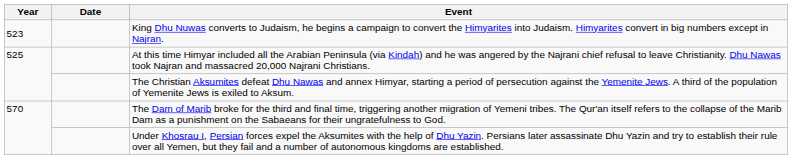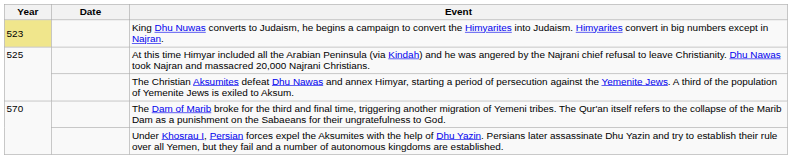 <table class="wikitable" width="100%">
 <tr>
 <th style="width:6%">Year</th>
 <th style="width:10%">Date</th>
 <th>Event</th>
 </tr>
 <tr>
-<td>523</td>
+<td style="background: khaki;">523</td>
 <td></td>
 <td>King <a href='#'>Dhu Nuwas</a> converts to Judaism, he begins a campaign to convert the <a href='#'>Himyarites</a> into Judaism.  <a href='#'>Himyarites</a> convert in big numbers except in <a href='#'>Najran</a>.</td>
 </tr>
 <tr>
 <td rowspan="2" valign="top">525</td>
 <td></td>
 <td>At this time Himyar included all the Arabian Peninsula (via <a href='#'>Kindah</a>) and he was angered by the Najrani chief refusal to leave Christianity. <a href='#'>Dhu Nawas</a> took Najran and massacred 20,000 Najrani Christians.</td>
 </tr>
 <tr>
 <td></td>
 <td>The Christian <a href='#'>Aksumites</a> defeat <a href='#'>Dhu Nawas</a> and annex Himyar, starting a period of persecution against the <a href='#'>Yemenite Jews</a>. A third of the population of Yemenite Jews is exiled to Aksum.</td>
 </tr>
 <tr>
 <td rowspan="2" valign="top">570</td>
 <td></td>
 <td>The <a href='#'>Dam of Marib</a> broke for the third and final time, triggering another migration of Yemeni tribes. The Qur'an itself refers to the collapse of the Marib Dam as a punishment on the Sabaeans for their ungratefulness to God.</td>
 </tr>
 <tr>
 <td></td>
 <td>Under <a href='#'>Khosrau I</a>, <a href='#'>Persian</a> forces expel the Aksumites with the help of <a href='#'>Dhu Yazin</a>. Persians later assassinate Dhu Yazin and try to establish their rule over all Yemen, but they fail and a number of autonomous kingdoms are established.</td>
 </tr>
 </table>
